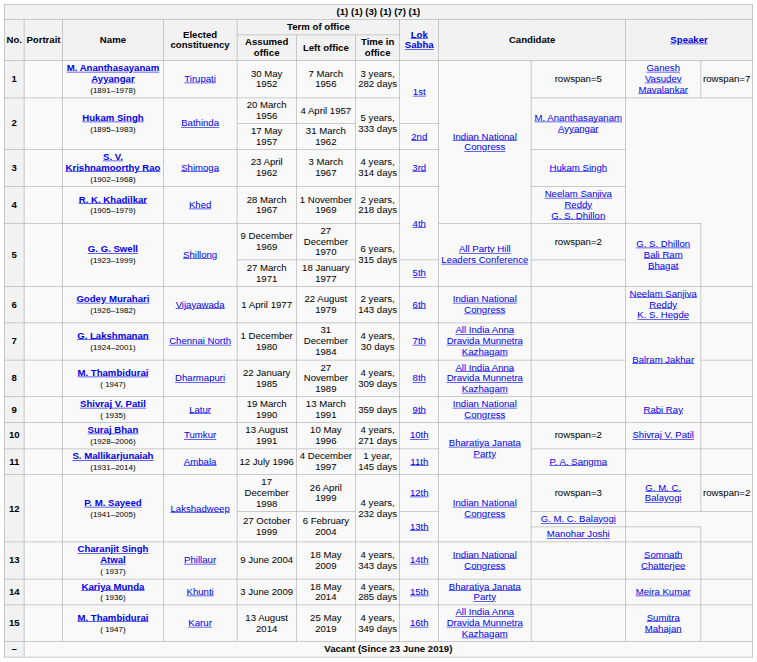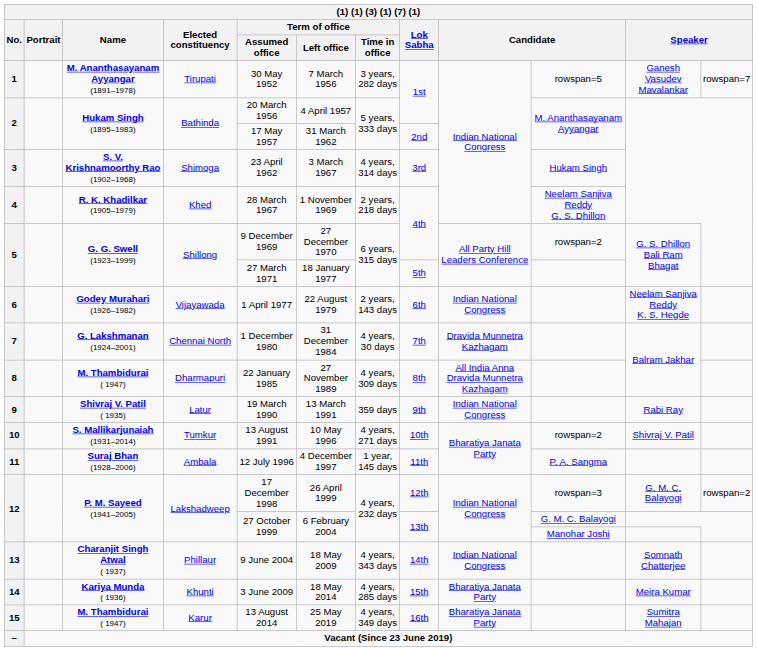 <table class="wikitable sortable" style="text-align:center;">
 <tr>
 <th colspan=12> (1) (1) (3) (1) (7) (1)</th>
 </tr>
 <tr>
 <th rowspan=2>No.</th>
 <th rowspan=2>Portrait</th>
 <th rowspan=2>Name<br><small></small></th>
 <th rowspan=2>Elected constituency</th>
 <th colspan=3>Term of office</th>
 <th rowspan=2><a href='#'>Lok Sabha</a><br></th>
 <th colspan=2 rowspan=2>Candidate </th>
 <th colspan=2 rowspan=2><a href='#'>Speaker</a></th>
 </tr>
 <tr>
 <th>Assumed office</th>
 <th>Left office</th>
 <th>Time in office</th>
 </tr>
 <tr>
 <th>1</th>
 <td></td>
 <td><strong><a href='#'>M. Ananthasayanam Ayyangar</a></strong><br><small>(1891–1978)</small></td>
 <td><a href='#'>Tirupati</a></td>
 <td>30 May 1952</td>
 <td>7 March 1956</td>
 <td>3 years, 282 days</td>
 <td rowspan=2><a href='#'>1st</a><br></td>
 <td rowspan=5><a href='#'>Indian National Congress</a></td>
 <td>rowspan=5 </td>
 <td><a href='#'>Ganesh Vasudev Mavalankar</a></td>
 <td>rowspan=7 </td>
 </tr>
 <tr>
 <th rowspan=2>2</th>
 <td rowspan=2></td>
 <td rowspan=2><strong><a href='#'>Hukam Singh</a></strong><br><small>(1895–1983)</small></td>
 <td rowspan=2><a href='#'>Bathinda</a></td>
 <td>20 March 1956</td>
 <td>4 April 1957</td>
 <td rowspan=2>5 years, 333 days</td>
 <td rowspan=2><a href='#'>M. Ananthasayanam Ayyangar</a></td>
 </tr>
 <tr>
 <td>17 May 1957</td>
 <td>31 March 1962</td>
 <td><a href='#'>2nd</a><br></td>
 </tr>
 <tr>
 <th>3</th>
 <td></td>
 <td><strong><a href='#'>S. V. Krishnamoorthy Rao</a></strong><br><small>(1902–1968)</small></td>
 <td><a href='#'>Shimoga</a></td>
 <td>23 April 1962</td>
 <td>3 March 1967</td>
 <td>4 years, 314 days</td>
 <td><a href='#'>3rd</a><br></td>
 <td><a href='#'>Hukam Singh</a></td>
 </tr>
 <tr>
 <th>4</th>
 <td></td>
 <td><strong><a href='#'>R. K. Khadilkar</a></strong><br><small>(1905–1979)</small></td>
 <td><a href='#'>Khed</a></td>
 <td>28 March 1967</td>
 <td>1 November 1969</td>
 <td>2 years, 218 days</td>
 <td rowspan=2><a href='#'>4th</a><br></td>
 <td><a href='#'>Neelam Sanjiva Reddy</a><br><a href='#'>G. S. Dhillon</a></td>
 </tr>
 <tr>
 <th rowspan=2>5</th>
 <td rowspan=2></td>
 <td rowspan=2><strong><a href='#'>G. G. Swell</a></strong><br><small>(1923–1999)</small></td>
 <td rowspan=2><a href='#'>Shillong</a></td>
 <td>9 December 1969</td>
 <td>27 December 1970</td>
 <td rowspan=2>6 years, 315 days</td>
 <td rowspan=2><a href='#'>All Party Hill Leaders Conference</a></td>
 <td>rowspan=2 </td>
 <td rowspan=2><a href='#'>G. S. Dhillon</a><br><a href='#'>Bali Ram Bhagat</a></td>
 </tr>
 <tr>
 <td>27 March 1971</td>
 <td>18 January 1977</td>
 <td><a href='#'>5th</a><br></td>
 </tr>
 <tr>
 <th>6</th>
 <td></td>
 <td><strong><a href='#'>Godey Murahari</a></strong><br><small>(1926–1982)</small></td>
 <td><a href='#'>Vijayawada</a></td>
 <td>1 April 1977</td>
 <td>22 August 1979</td>
 <td>2 years, 143 days</td>
 <td><a href='#'>6th</a><br></td>
 <td><a href='#'>Indian National Congress</a></td>
 <td></td>
 <td><a href='#'>Neelam Sanjiva Reddy</a><br><a href='#'>K. S. Hegde</a></td>
 <td></td>
 </tr>
 <tr>
 <th>7</th>
 <td></td>
 <td><strong><a href='#'>G. Lakshmanan</a></strong><br><small>(1924–2001)</small></td>
 <td><a href='#'>Chennai North</a></td>
 <td>1 December 1980</td>
 <td>31 December 1984</td>
 <td>4 years, 30 days</td>
 <td><a href='#'>7th</a><br></td>
-<td><a href='#'>All India Anna Dravida Munnetra Kazhagam</a></td>
+<td><a href='#'>Dravida Munnetra Kazhagam</a></td>
 <td></td>
 <td rowspan=2><a href='#'>Balram Jakhar</a></td>
 <td></td>
 </tr>
 <tr>
 <th>8</th>
 <td></td>
 <td><strong><a href='#'>M. Thambidurai</a></strong><br><small>( 1947)</small></td>
 <td><a href='#'>Dharmapuri</a></td>
 <td>22 January 1985</td>
 <td>27 November 1989</td>
 <td>4 years, 309 days</td>
 <td><a href='#'>8th</a><br></td>
 <td><a href='#'>All India Anna Dravida Munnetra Kazhagam</a></td>
 <td></td>
 <td></td>
 </tr>
 <tr>
 <th>9</th>
 <td></td>
 <td><strong><a href='#'>Shivraj V. Patil</a></strong><br><small>( 1935)</small></td>
 <td><a href='#'>Latur</a></td>
 <td>19 March 1990</td>
 <td>13 March 1991</td>
 <td>359 days</td>
 <td><a href='#'>9th</a><br></td>
 <td><a href='#'>Indian National Congress</a></td>
 <td></td>
 <td><a href='#'>Rabi Ray</a></td>
 <td></td>
 </tr>
 <tr>
 <th>10</th>
 <td></td>
-<td><strong><a href='#'>Suraj Bhan</a></strong><br><small>(1928–2006)</small></td>
+<td><strong><a href='#'>S. Mallikarjunaiah</a></strong><br><small>(1931–2014)</small></td>
 <td><a href='#'>Tumkur</a></td>
 <td>13 August 1991</td>
 <td>10 May 1996</td>
 <td>4 years, 271 days</td>
 <td><a href='#'>10th</a><br></td>
 <td rowspan=2><a href='#'>Bharatiya Janata Party</a></td>
 <td>rowspan=2 </td>
 <td><a href='#'>Shivraj V. Patil</a></td>
 <td></td>
 </tr>
 <tr>
 <th>11</th>
 <td></td>
-<td><strong><a href='#'>S. Mallikarjunaiah</a></strong><br><small>(1931–2014)</small></td>
+<td><strong><a href='#'>Suraj Bhan</a></strong><br><small>(1928–2006)</small></td>
 <td><a href='#'>Ambala</a></td>
 <td>12 July 1996</td>
 <td>4 December 1997</td>
 <td>1 year, 145 days</td>
 <td><a href='#'>11th</a><br></td>
 <td><a href='#'>P. A. Sangma</a></td>
 <td></td>
 </tr>
 <tr>
 <th rowspan=3>12</th>
 <td rowspan=3></td>
 <td rowspan=3><strong><a href='#'>P. M. Sayeed</a></strong><br><small>(1941–2005)</small></td>
 <td rowspan=3><a href='#'>Lakshadweep</a></td>
 <td>17 December 1998</td>
 <td>26 April 1999</td>
 <td rowspan=3>4 years, 232 days</td>
 <td><a href='#'>12th</a><br></td>
 <td rowspan=3><a href='#'>Indian National Congress</a></td>
 <td>rowspan=3 </td>
 <td><a href='#'>G. M. C. Balayogi</a></td>
 <td>rowspan=2 </td>
 </tr>
 <tr>
 <td rowspan=2>27 October 1999</td>
 <td rowspan=2>6 February 2004</td>
 <td rowspan=2><a href='#'>13th</a><br></td>
 <td><a href='#'>G. M. C. Balayogi</a></td>
 </tr>
 <tr>
 <td><a href='#'>Manohar Joshi</a></td>
 <td></td>
 </tr>
 <tr>
 <th>13</th>
 <td></td>
 <td><strong><a href='#'>Charanjit Singh Atwal</a></strong><br><small>( 1937)</small></td>
 <td><a href='#'>Phillaur</a></td>
 <td>9 June 2004</td>
 <td>18 May 2009</td>
 <td>4 years, 343 days</td>
 <td><a href='#'>14th</a><br></td>
 <td><a href='#'>Indian National Congress</a></td>
 <td></td>
 <td><a href='#'>Somnath Chatterjee</a></td>
 <td></td>
 </tr>
 <tr>
 <th>14</th>
 <td></td>
 <td><strong><a href='#'>Kariya Munda</a></strong><br><small>( 1936)</small></td>
 <td><a href='#'>Khunti</a></td>
 <td>3 June 2009</td>
 <td>18 May 2014</td>
 <td>4 years, 285 days</td>
 <td><a href='#'>15th</a><br></td>
 <td><a href='#'>Bharatiya Janata Party</a></td>
 <td></td>
 <td><a href='#'>Meira Kumar</a></td>
 <td></td>
 </tr>
 <tr>
 <th>15</th>
 <td></td>
 <td><strong><a href='#'>M. Thambidurai</a></strong><br><small>( 1947)</small></td>
 <td><a href='#'>Karur</a></td>
 <td>13 August 2014</td>
 <td>25 May 2019</td>
 <td>4 years, 349 days</td>
 <td><a href='#'>16th</a><br></td>
-<td><a href='#'>All India Anna Dravida Munnetra Kazhagam</a></td>
+<td><a href='#'>Bharatiya Janata Party</a></td>
 <td></td>
 <td><a href='#'>Sumitra Mahajan</a></td>
 <td></td>
 </tr>
 <tr>
 <th>–</th>
 <td colspan=11><strong>Vacant (Since 23 June 2019)</strong></td>
 </tr>
 </table>
